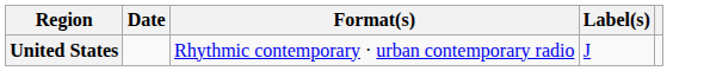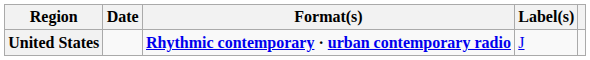 <table class="wikitable plainrowheaders" style="text-align:left">
 <tr>
 <th scope="col">Region</th>
 <th scope="col">Date</th>
 <th scope="col">Format(s)</th>
 <th scope="col">Label(s)</th>
 <th scope="col"></th>
 </tr>
 <tr>
 <th scope="row">United States</th>
 <td></td>
-<td><a href='#'>Rhythmic contemporary</a> · <a href='#'>urban contemporary radio</a></td>
+<td><strong><a href='#'>Rhythmic contemporary</a> · <a href='#'>urban contemporary radio</a></strong></td>
 <td><a href='#'>J</a></td>
 <td></td>
 </tr>
 <tr>
 </tr>
 </table>
